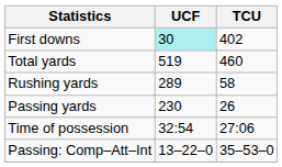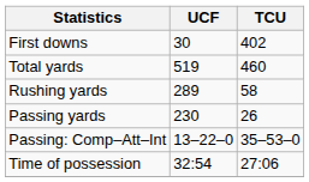 <table class="wikitable" style="float: left;">
 <tr>
 <th>Statistics</th>
 <th>UCF</th>
 <th>TCU</th>
 </tr>
 <tr>
 <td>First downs</td>
-<td style="background: paleturquoise;">30</td>
+<td>30</td>
 <td>402</td>
 </tr>
 <tr>
 <td>Total yards</td>
 <td>519</td>
 <td>460</td>
 </tr>
 <tr>
 <td>Rushing yards</td>
 <td>289</td>
 <td>58</td>
 </tr>
 <tr>
 <td>Passing yards</td>
 <td>230</td>
 <td>26</td>
 </tr>
 <tr>
+<td>Passing: Comp–Att–Int</td>
+<td>13–22–0</td>
+<td>35–53–0</td>
+</tr>
+<tr>
 <td>Time of possession</td>
 <td>32:54</td>
 <td>27:06</td>
 </tr>
 <tr>
-<td>Passing: Comp–Att–Int</td>
-<td>13–22–0</td>
-<td>35–53–0</td>
-</tr>
-<tr>
 </tr>
 </table>
